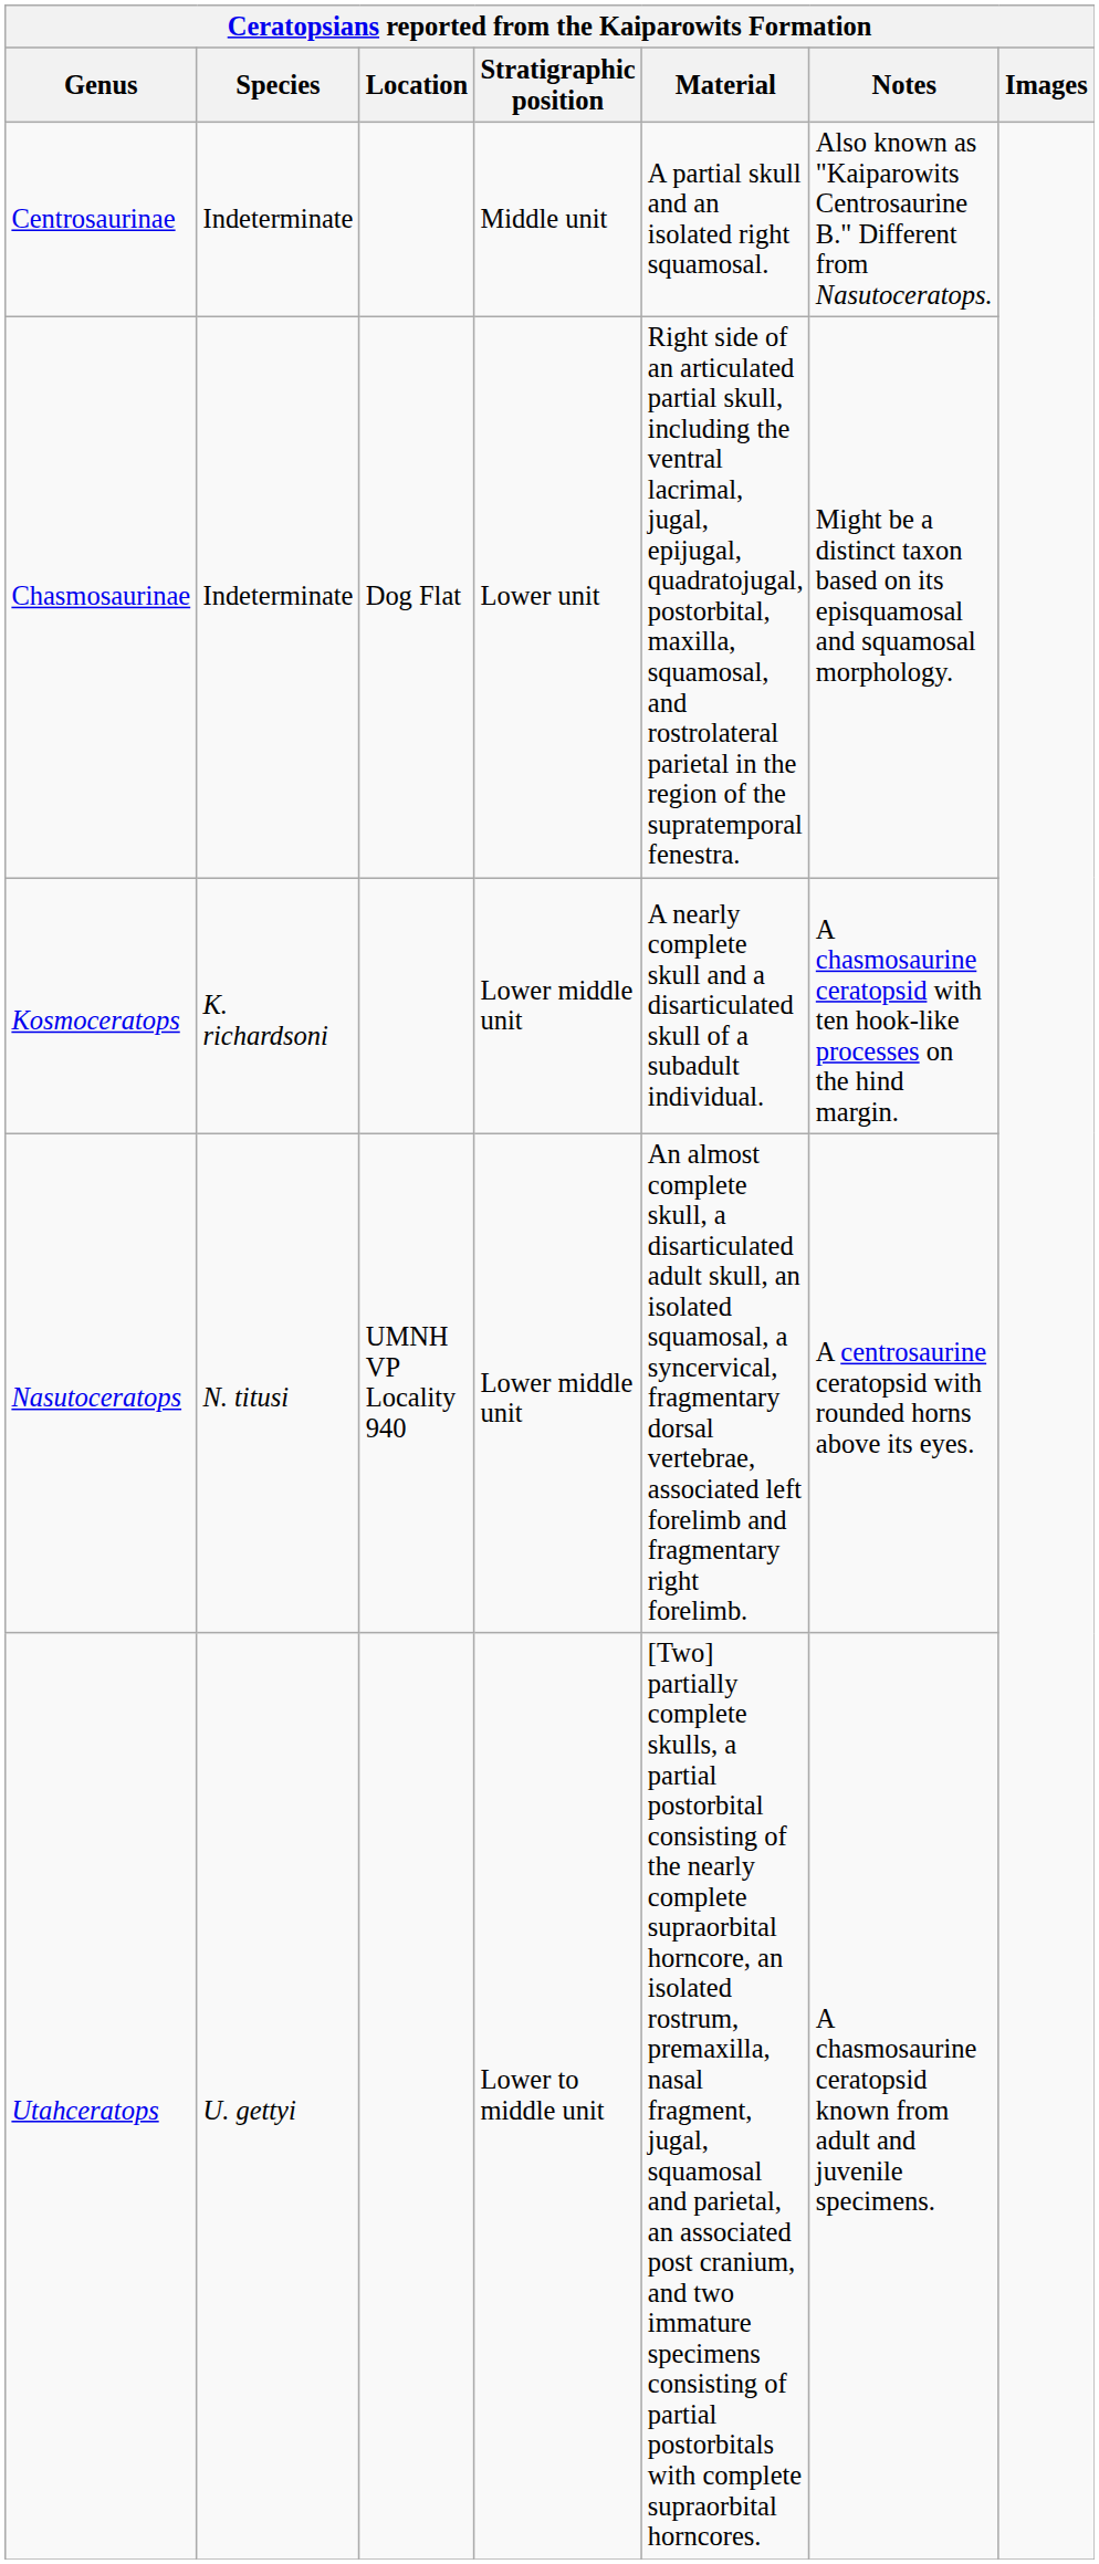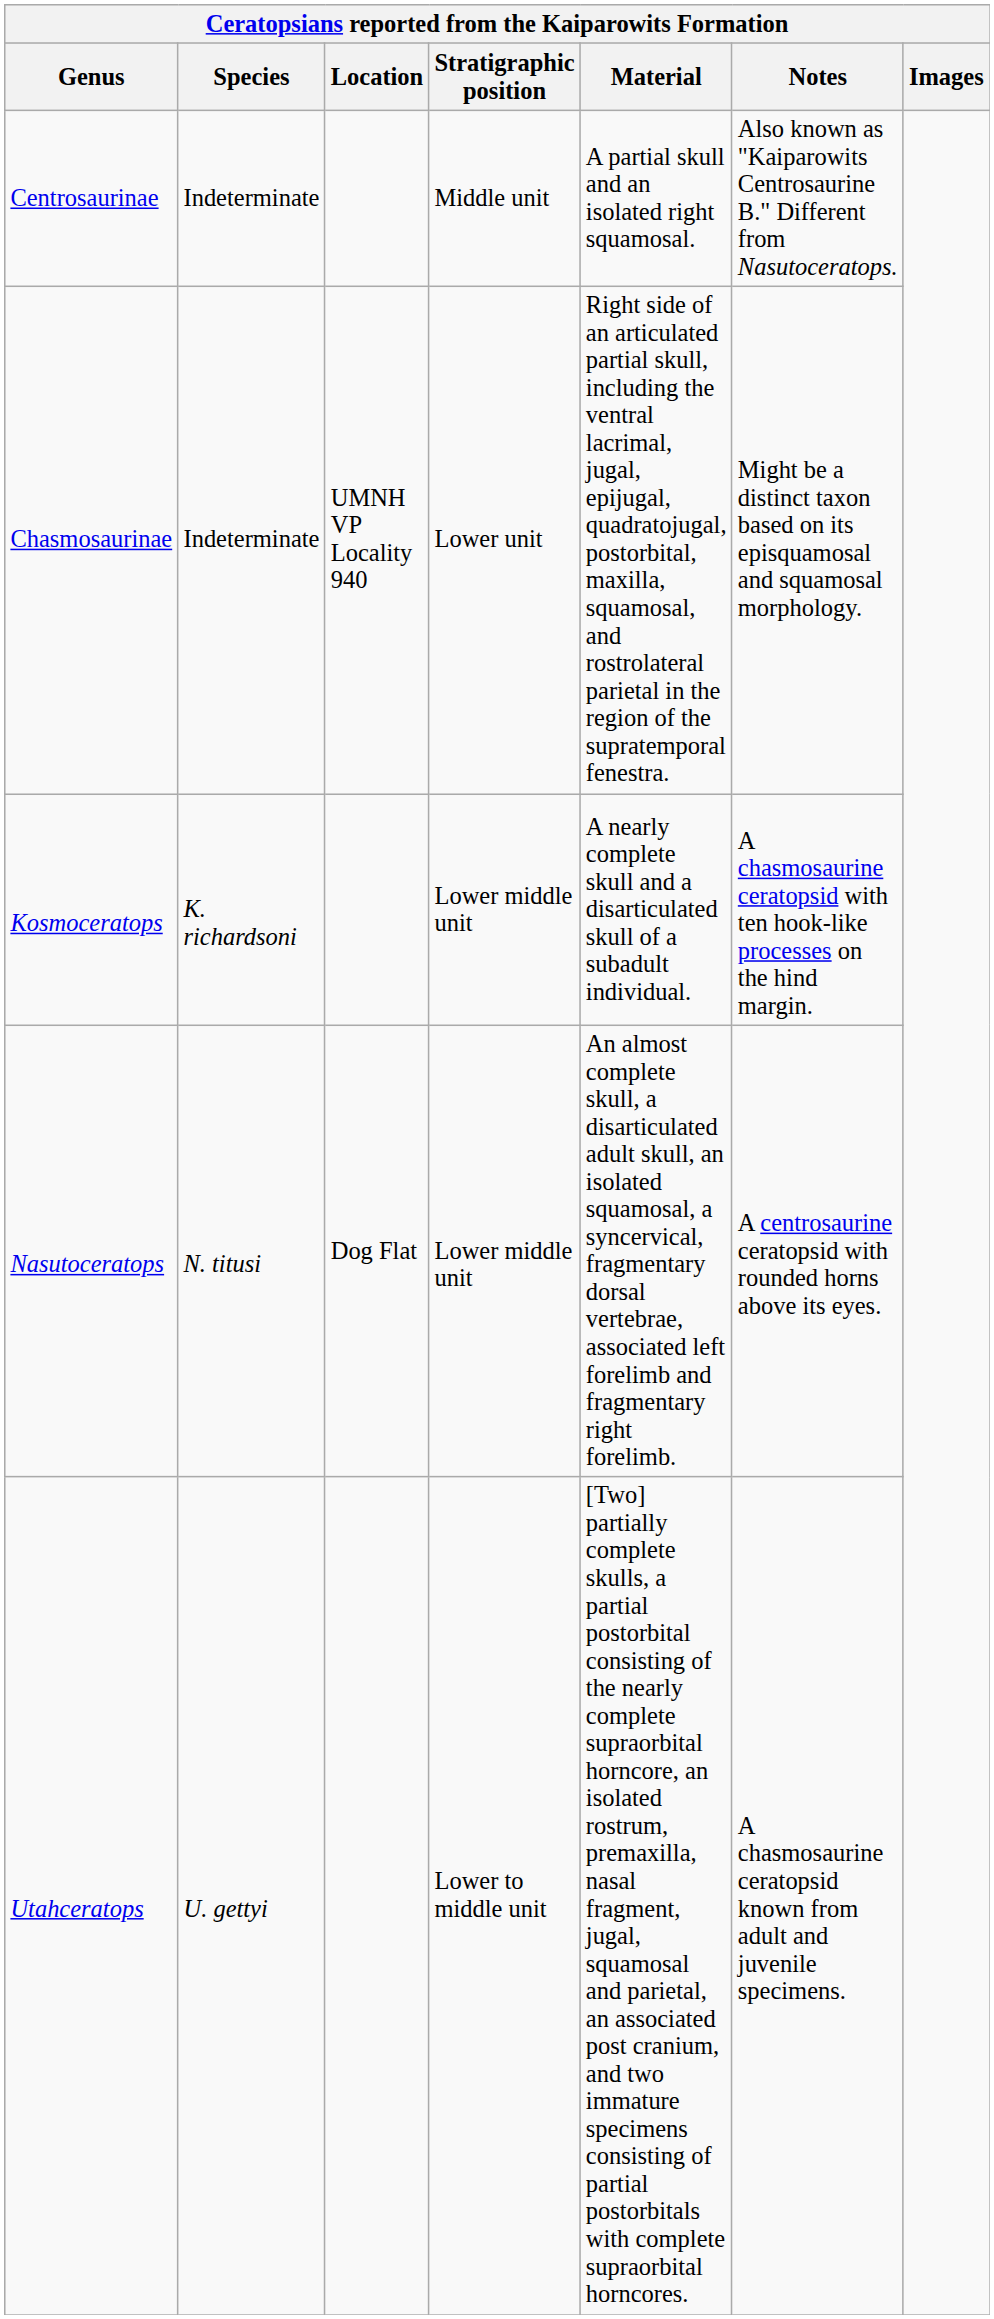 <table class="wikitable" align="center" width="100%">
 <tr>
 <th colspan="7" align="center"><strong><a href='#'>Ceratopsians</a> reported from the Kaiparowits Formation</strong></th>
 </tr>
 <tr>
 <th>Genus</th>
 <th>Species</th>
 <th>Location</th>
 <th>Stratigraphic position</th>
 <th>Material</th>
 <th>Notes</th>
 <th>Images</th>
 </tr>
 <tr>
 <td><a href='#'>Centrosaurinae</a></td>
 <td>Indeterminate</td>
 <td></td>
 <td>Middle unit</td>
 <td>A partial skull and an isolated right squamosal.</td>
 <td>Also known as "Kaiparowits Centrosaurine B." Different from <em>Nasutoceratops.</em></td>
 <td rowspan = 100><br> </td>
 </tr>
 <tr>
 <td><a href='#'>Chasmosaurinae</a></td>
 <td>Indeterminate</td>
-<td>Dog Flat</td>
+<td>UMNH VP Locality 940</td>
 <td>Lower unit</td>
 <td>Right side of an articulated partial skull, including the ventral lacrimal, jugal, epijugal, quadratojugal, postorbital, maxilla, squamosal, and rostrolateral parietal in the region of the supratemporal fenestra.</td>
 <td>Might be a distinct taxon based on its episquamosal and squamosal morphology.</td>
 </tr>
 <tr>
 <td><br><em><a href='#'>Kosmoceratops</a></em></td>
 <td><br><em>K. richardsoni</em></td>
 <td></td>
 <td>Lower middle unit</td>
 <td>A nearly complete skull and a disarticulated skull of a subadult individual.</td>
 <td><br>A <a href='#'>chasmosaurine</a> <a href='#'>ceratopsid</a> with ten hook-like <a href='#'>processes</a> on the hind margin.</td>
 </tr>
 <tr>
 <td><br><em><a href='#'>Nasutoceratops</a></em></td>
 <td><br><em>N. titusi</em></td>
-<td>UMNH VP Locality 940</td>
+<td>Dog Flat</td>
 <td><br>Lower middle unit</td>
 <td>An almost complete skull, a disarticulated adult skull, an isolated squamosal, a syncervical, fragmentary dorsal vertebrae, associated left forelimb and fragmentary right forelimb.</td>
 <td><br>A <a href='#'>centrosaurine</a> ceratopsid with rounded horns above its eyes.</td>
 </tr>
 <tr>
 <td><br><em><a href='#'>Utahceratops</a></em></td>
 <td><br><em>U. gettyi</em></td>
 <td></td>
 <td>Lower to middle unit</td>
 <td>[Two] partially complete skulls, a partial postorbital consisting of the nearly complete supraorbital horncore, an isolated rostrum, premaxilla, nasal fragment, jugal, squamosal and parietal, an associated post cranium, and two immature specimens consisting of partial postorbitals with complete supraorbital horncores.</td>
 <td><br>A chasmosaurine ceratopsid known from adult and juvenile specimens.</td>
 </tr>
 </table>
